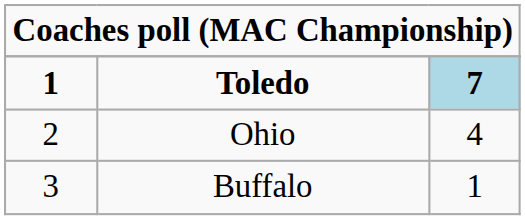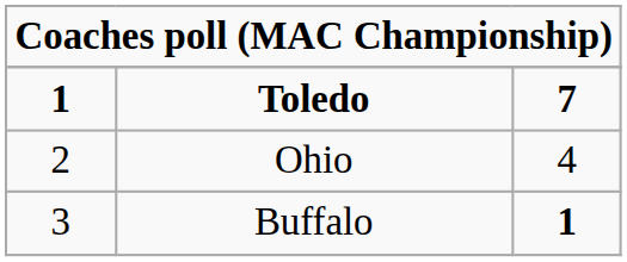 <table class="wikitable">
 <tr align="center">
 <td align="center" Colspan="3"><strong>Coaches poll (MAC Championship)</strong></td>
 </tr>
 <tr align="center">
 </tr>
 <tr align="center">
 <td><strong>1</strong></td>
 <td><strong>Toledo</strong></td>
-<td style="background: lightblue;"><strong>7</strong></td>
+<td><strong>7</strong></td>
 </tr>
 <tr align="center">
 <td>2</td>
 <td>Ohio</td>
 <td>4</td>
 </tr>
 <tr align="center">
 <td>3</td>
 <td>Buffalo</td>
-<td>1</td>
+<td><strong>1</strong></td>
 </tr>
 </table>
